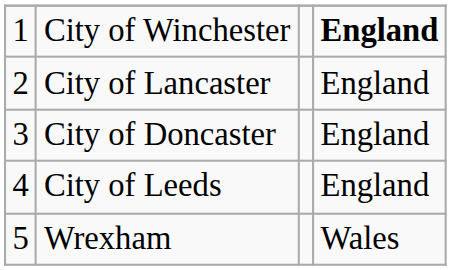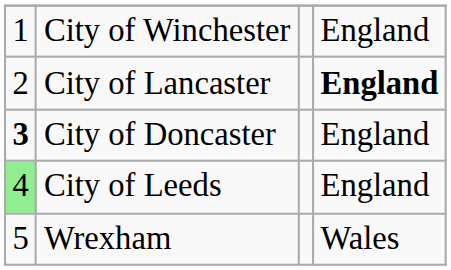 <table class="wikitable" style="display: inline-table;">
 <tr>
 </tr>
 <tr>
 <td>1</td>
 <td>City of Winchester</td>
 <td></td>
-<td><strong>England</strong></td>
+<td>England</td>
 </tr>
 <tr>
 <td>2</td>
 <td>City of Lancaster</td>
 <td></td>
-<td>England</td>
+<td><strong>England</strong></td>
 </tr>
 <tr>
-<td>3</td>
+<td><strong>3</strong></td>
 <td>City of Doncaster</td>
 <td></td>
 <td>England</td>
 </tr>
 <tr>
-<td>4</td>
+<td style="background: lightgreen;">4</td>
 <td>City of Leeds</td>
 <td></td>
 <td>England</td>
 </tr>
 <tr>
 <td>5</td>
 <td>Wrexham</td>
 <td></td>
 <td>Wales</td>
 </tr>
 </table>
